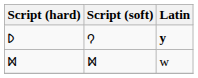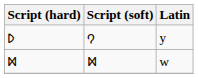 <table class="wikitable">
 <tr>
 <th>Script (hard)</th>
 <th>Script (soft)</th>
 <th>Latin</th>
 </tr>
 <tr>
 <td>𐰖‎‎</td>
 <td>𐰘‎‎</td>
-<td><strong>y</strong></td>
+<td>y</td>
 </tr>
 <tr>
 <td>𐱈‎</td>
 <td>𐱈‎</td>
 <td>w</td>
 </tr>
 <tr>
 </tr>
 </table>
